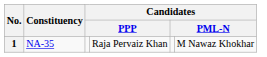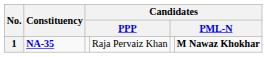 <table class="wikitable sortable">
 <tr>
 <th rowspan="2">No.</th>
 <th rowspan="2">Constituency</th>
 <th colspan="6">Candidates</th>
 </tr>
 <tr>
 <th colspan="2"><a href='#'>PPP</a></th>
 <th colspan="2"><a href='#'>PML-N</a></th>
 </tr>
 <tr>
 <th>1</th>
-<td><a href='#'>NA-35</a></td>
+<td><strong><a href='#'>NA-35</a></strong></td>
 <td style="color:inherit;background:"></td>
 <td>Raja Pervaiz Khan</td>
 <td style="color:inherit;background:"></td>
-<td>M Nawaz Khokhar</td>
+<td><strong>M Nawaz Khokhar</strong></td>
 </tr>
 </table>
